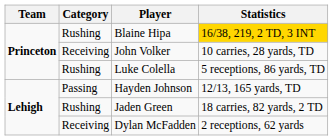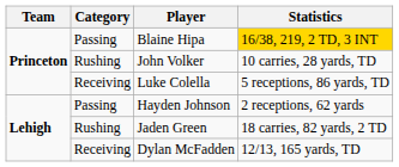 <table class="wikitable" style="float: right;">
 <tr>
 <th>Team</th>
 <th>Category</th>
 <th>Player</th>
 <th>Statistics</th>
 </tr>
 <tr>
 <td rowspan=3><strong>Princeton</strong></td>
-<td>Rushing</td>
+<td>Passing</td>
 <td>Blaine Hipa</td>
 <td style="background: gold;">16/38, 219, 2 TD, 3 INT</td>
 </tr>
 <tr>
-<td>Receiving</td>
+<td>Rushing</td>
 <td>John Volker</td>
 <td>10 carries, 28 yards, TD</td>
 </tr>
 <tr>
-<td>Rushing</td>
+<td>Receiving</td>
 <td>Luke Colella</td>
 <td>5 receptions, 86 yards, TD</td>
 </tr>
 <tr>
 <td rowspan=3><strong>Lehigh</strong></td>
 <td>Passing</td>
 <td>Hayden Johnson</td>
-<td>12/13, 165 yards, TD</td>
+<td>2 receptions, 62 yards</td>
 </tr>
 <tr>
 <td>Rushing</td>
 <td>Jaden Green</td>
 <td>18 carries, 82 yards, 2 TD</td>
 </tr>
 <tr>
 <td>Receiving</td>
 <td>Dylan McFadden</td>
-<td>2 receptions, 62 yards</td>
+<td>12/13, 165 yards, TD</td>
 </tr>
 </table>
